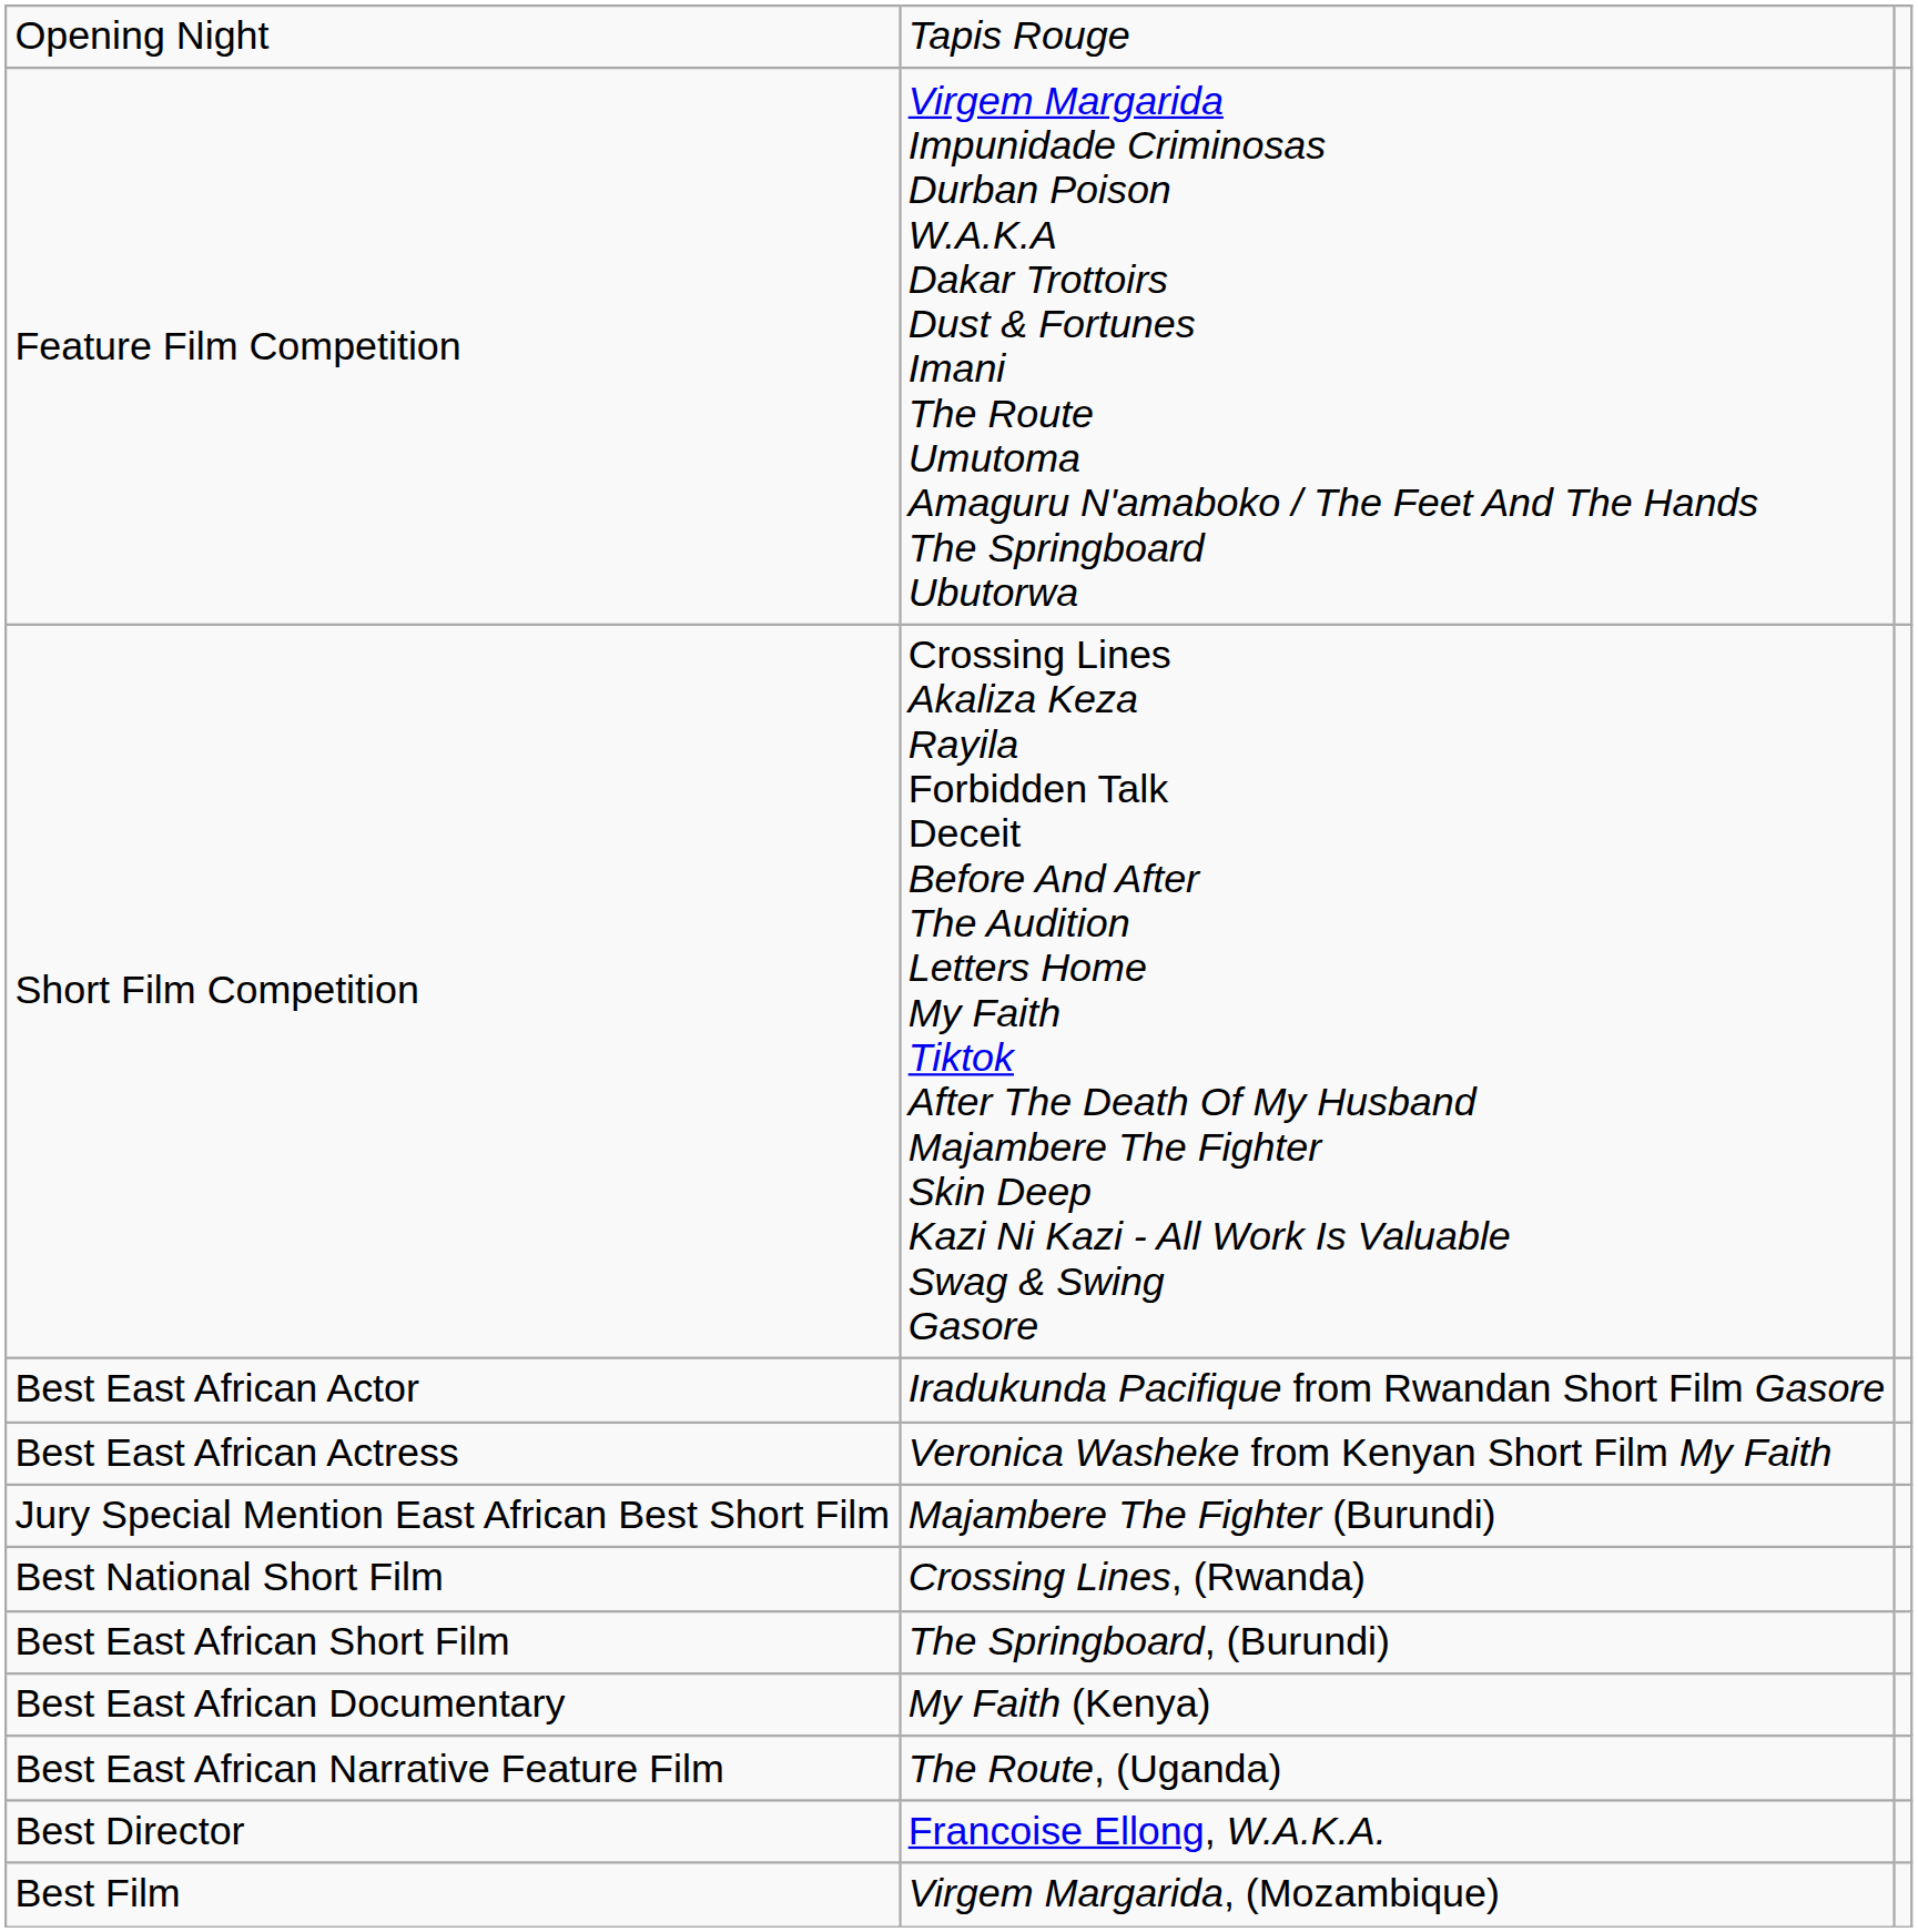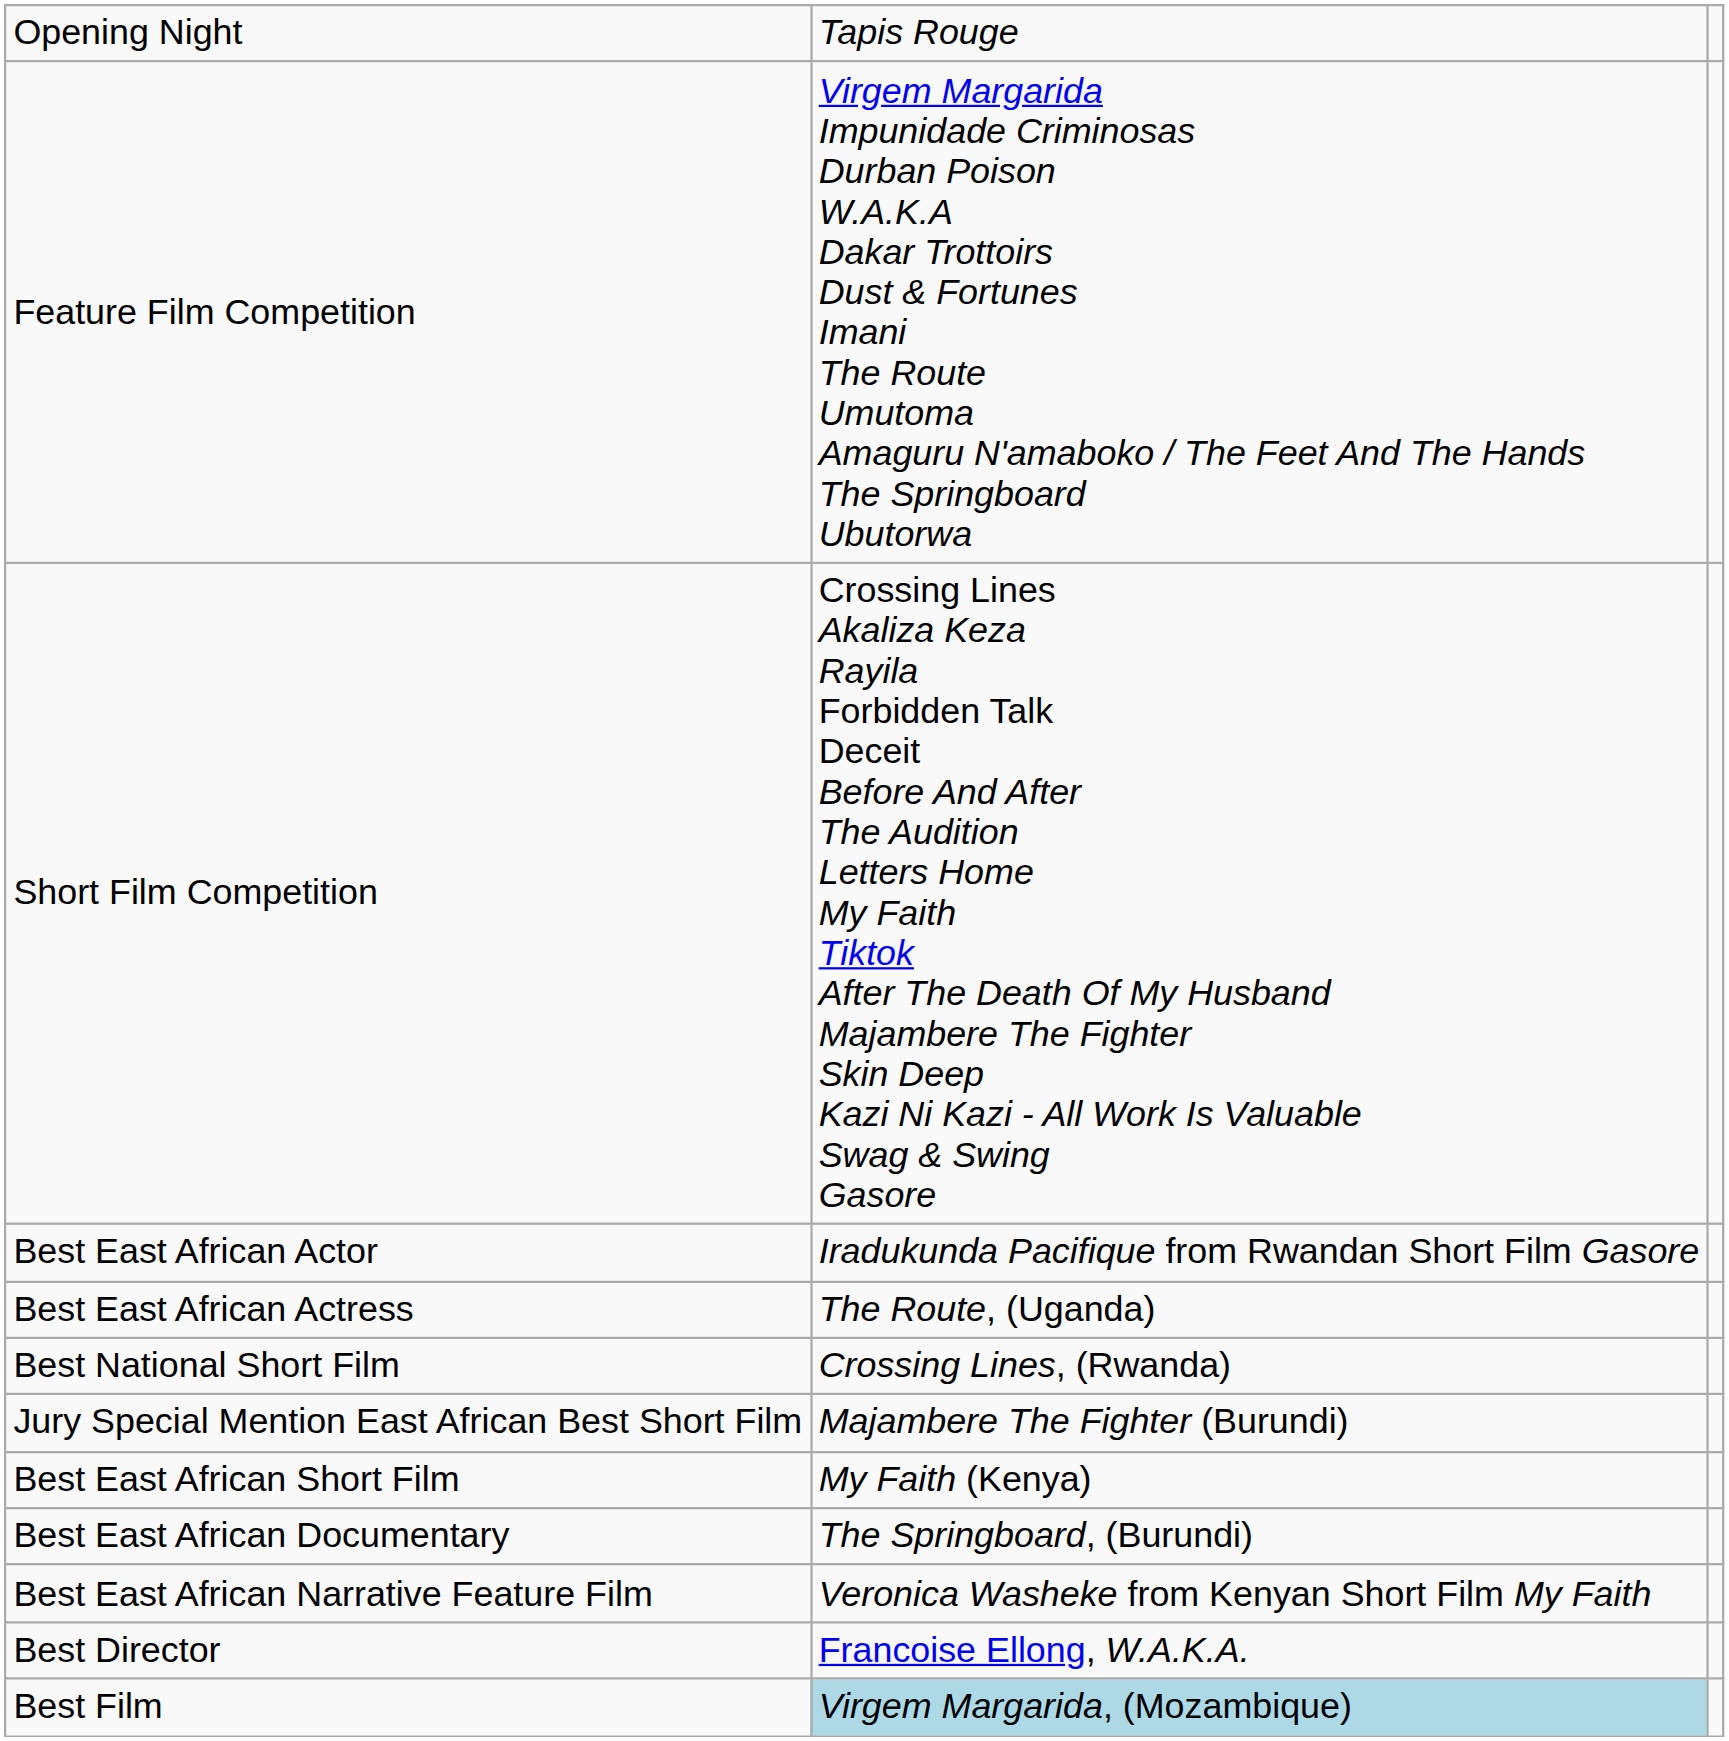 <table class="wikitable">
 <tr>
 <td>Opening Night</td>
 <td><em>Tapis Rouge</em> </td>
 <td></td>
 </tr>
 <tr>
 <td>Feature Film Competition</td>
 <td><em><a href='#'>Virgem Margarida</a></em> <br><em>Impunidade Criminosas</em> <br><em>Durban Poison</em> <br><em>W.A.K.A</em> <br><em>Dakar Trottoirs</em> <br><em>Dust & Fortunes</em> <br><em>Imani</em> <br><em>The Route</em> <br><em>Umutoma</em> <br><em>Amaguru N'amaboko / The Feet And The Hands</em> <br><em>The Springboard</em> <br><em>Ubutorwa</em> </td>
 <td></td>
 </tr>
 <tr>
 <td>Short Film Competition</td>
 <td>Crossing Lines <br><em>Akaliza Keza</em> <br><em>Rayila</em> <br>Forbidden Talk <br>Deceit <br><em>Before And After</em> <br><em>The Audition</em> <br><em>Letters Home</em> <br><em>My Faith</em> <br><em><a href='#'>Tiktok</a></em> <br><em>After The Death Of My Husband</em> <br><em>Majambere The Fighter</em> <br><em>Skin Deep</em> <br><em>Kazi Ni Kazi - All Work Is Valuable</em> <br><em>Swag & Swing</em> <br><em>Gasore</em> </td>
 <td></td>
 </tr>
 <tr>
 <td>Best East African Actor</td>
 <td><em>Iradukunda Pacifique</em> from Rwandan Short Film <em>Gasore</em></td>
 <td></td>
 </tr>
 <tr>
 <td>Best East African Actress</td>
-<td><em>Veronica Washeke</em> from Kenyan Short Film <em>My Faith</em></td>
+<td><em>The Route</em>, (Uganda)</td>
+<td></td>
+</tr>
+<tr>
+<td>Best National Short Film</td>
+<td><em>Crossing Lines</em>, (Rwanda)</td>
 <td></td>
 </tr>
 <tr>
 <td>Jury Special Mention East African Best Short Film</td>
 <td><em>Majambere The Fighter</em> (Burundi)</td>
 <td></td>
 </tr>
 <tr>
-<td>Best National Short Film</td>
-<td><em>Crossing Lines</em>, (Rwanda)</td>
+<td>Best East African Short Film</td>
+<td><em>My Faith</em> (Kenya)</td>
 <td></td>
 </tr>
 <tr>
-<td>Best East African Short Film</td>
+<td>Best East African Documentary</td>
 <td><em>The Springboard</em>, (Burundi)</td>
 <td></td>
 </tr>
 <tr>
-<td>Best East African Documentary</td>
-<td><em>My Faith</em> (Kenya)</td>
-<td></td>
-</tr>
-<tr>
 <td>Best East African Narrative Feature Film</td>
-<td><em>The Route</em>, (Uganda)</td>
+<td><em>Veronica Washeke</em> from Kenyan Short Film <em>My Faith</em></td>
 <td></td>
 </tr>
 <tr>
 <td>Best Director</td>
 <td><a href='#'>Francoise Ellong</a>, <em>W.A.K.A.</em></td>
 <td></td>
 </tr>
 <tr>
 <td>Best Film</td>
-<td><em>Virgem Margarida</em>, (Mozambique)</td>
+<td style="background: lightblue;"><em>Virgem Margarida</em>, (Mozambique)</td>
 <td></td>
 </tr>
 </table>
